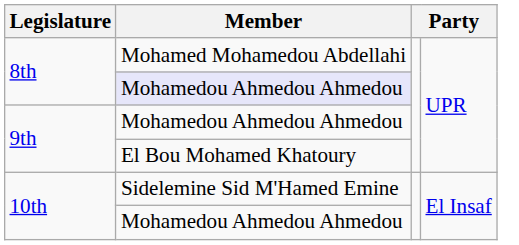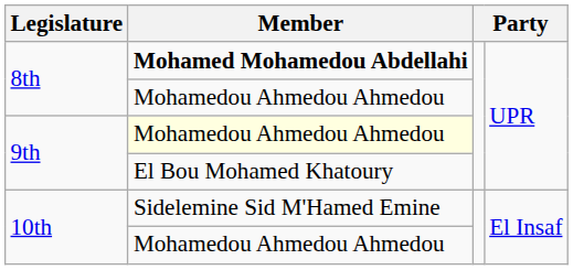 <table class="wikitable">
 <tr>
 <th>Legislature</th>
 <th>Member</th>
 <th colspan=2>Party</th>
 </tr>
 <tr>
 <td rowspan=2><a href='#'>8th</a></td>
-<td>Mohamed Mohamedou Abdellahi</td>
+<td><strong>Mohamed Mohamedou Abdellahi</strong></td>
 <td rowspan=4 style="color:inherit;background:"></td>
 <td rowspan=4><a href='#'>UPR</a></td>
 </tr>
 <tr>
-<td style="background: lavender;">Mohamedou Ahmedou Ahmedou</td>
+<td>Mohamedou Ahmedou Ahmedou</td>
 </tr>
 <tr>
 <td rowspan=2><a href='#'>9th</a></td>
-<td>Mohamedou Ahmedou Ahmedou</td>
+<td style="background: lightyellow;">Mohamedou Ahmedou Ahmedou</td>
 </tr>
 <tr>
 <td>El Bou Mohamed Khatoury</td>
 </tr>
 <tr>
 <td rowspan=2><a href='#'>10th</a></td>
 <td>Sidelemine Sid M'Hamed Emine</td>
 <td rowspan=2 style="color:inherit;background:"></td>
 <td rowspan=2><a href='#'>El Insaf</a></td>
 </tr>
 <tr>
 <td>Mohamedou Ahmedou Ahmedou</td>
 </tr>
 </table>
